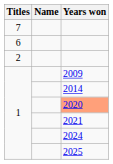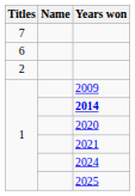 <table class="wikitable style="font-size:100%; text-align: left; width:70%">
 <tr>
 <th>Titles</th>
 <th>Name</th>
 <th>Years won</th>
 </tr>
 <tr>
 <td align=center>7</td>
 <td></td>
 <td></td>
 </tr>
 <tr>
 <td align=center>6</td>
 <td></td>
 <td></td>
 </tr>
 <tr>
 <td align=center>2</td>
 <td></td>
 <td></td>
 </tr>
 <tr>
 <td rowspan=6 align=center>1</td>
 <td></td>
 <td><a href='#'>2009</a></td>
 </tr>
 <tr>
 <td></td>
-<td><a href='#'>2014</a></td>
+<td><strong><a href='#'>2014</a></strong></td>
 </tr>
 <tr>
 <td></td>
-<td style="background: lightsalmon;"><a href='#'>2020</a></td>
+<td><a href='#'>2020</a></td>
 </tr>
 <tr>
 <td></td>
 <td><a href='#'>2021</a></td>
 </tr>
 <tr>
 <td></td>
 <td><a href='#'>2024</a></td>
 </tr>
 <tr>
 <td></td>
 <td><a href='#'>2025</a></td>
 </tr>
 </table>
